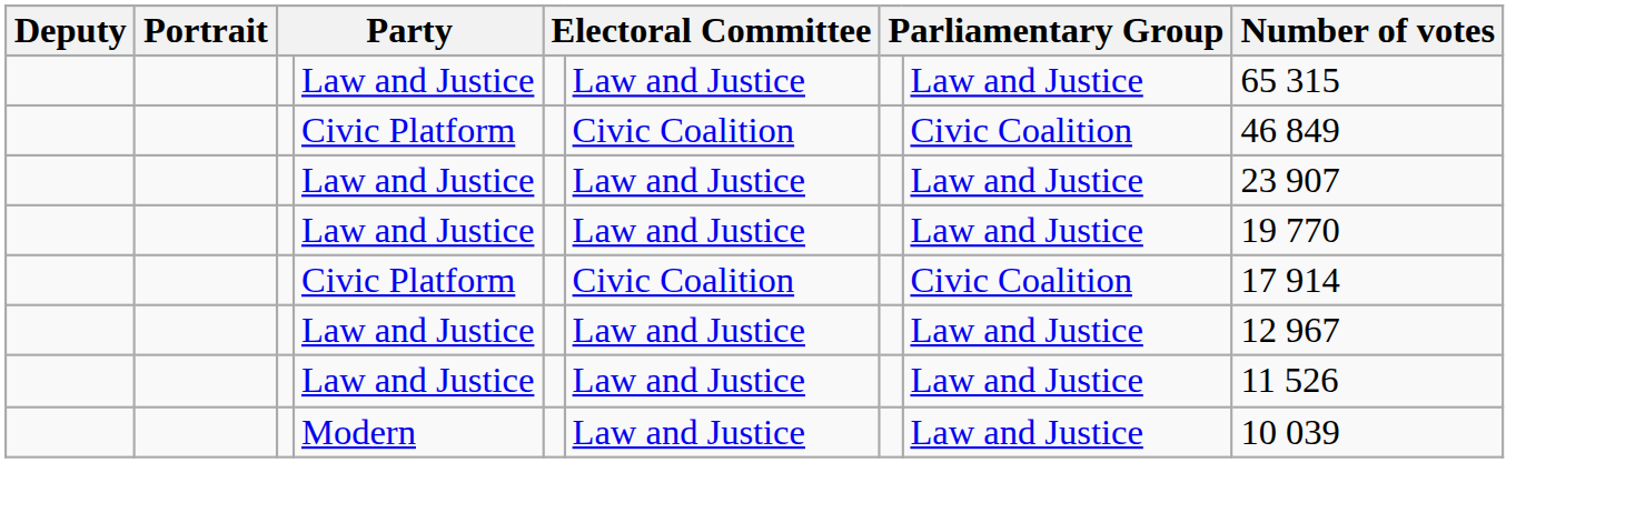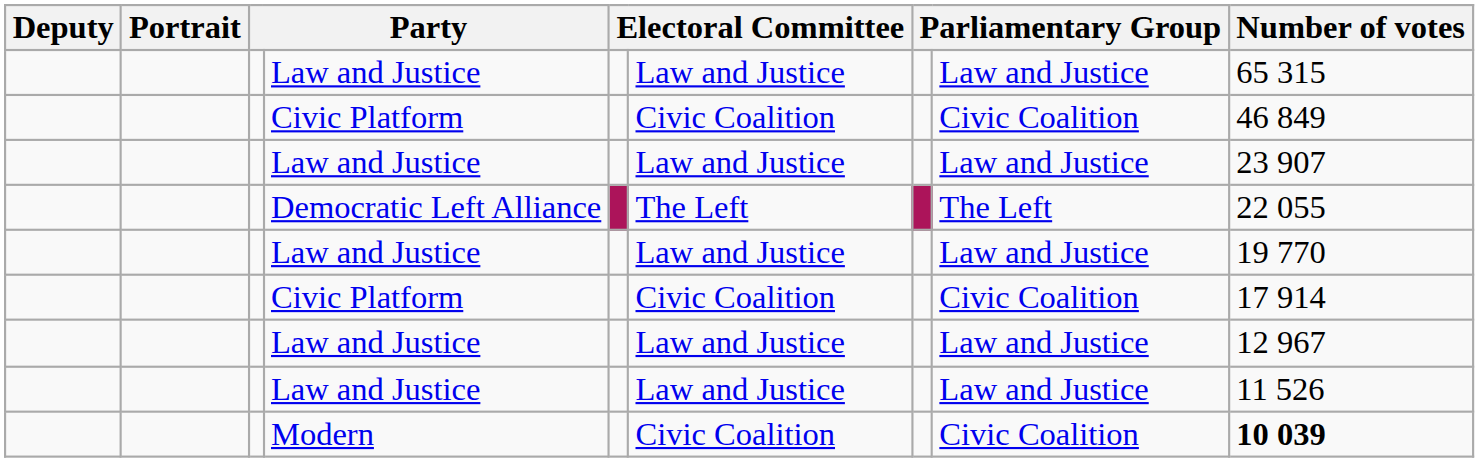 <table class="wikitable sortable" style="font-size:95%;line-height:14px;">
 <tr>
 <th>Deputy</th>
 <th>Portrait</th>
 <th colspan="2">Party</th>
 <th colspan="2">Electoral Committee</th>
 <th colspan="2">Parliamentary Group</th>
 <th>Number of votes</th>
 </tr>
 <tr>
 <td></td>
 <td></td>
 <td style="background:"></td>
 <td><a href='#'>Law and Justice</a></td>
 <td style="background:"></td>
 <td><a href='#'>Law and Justice</a></td>
 <td style="background:"></td>
 <td><a href='#'>Law and Justice</a></td>
 <td>65 315</td>
 </tr>
 <tr>
 <td></td>
 <td></td>
 <td style="background:"></td>
 <td><a href='#'>Civic Platform</a></td>
 <td style="background:"></td>
 <td><a href='#'>Civic Coalition</a></td>
 <td style="background:"></td>
 <td><a href='#'>Civic Coalition</a></td>
 <td>46 849</td>
 </tr>
 <tr>
 <td></td>
 <td></td>
 <td style="background:"></td>
 <td><a href='#'>Law and Justice</a></td>
 <td style="background:"></td>
 <td><a href='#'>Law and Justice</a></td>
 <td style="background:"></td>
 <td><a href='#'>Law and Justice</a></td>
 <td>23 907</td>
+</tr>
+<tr>
+<td></td>
+<td></td>
+<td style="background:"></td>
+<td><a href='#'>Democratic Left Alliance</a></td>
+<td style="background:#AC145A;"></td>
+<td><a href='#'>The Left</a></td>
+<td style="background:#AC145A;"></td>
+<td><a href='#'>The Left</a></td>
+<td>22 055</td>
 </tr>
 <tr>
 <td></td>
 <td></td>
 <td style="background:"></td>
 <td><a href='#'>Law and Justice</a></td>
 <td style="background:"></td>
 <td><a href='#'>Law and Justice</a></td>
 <td style="background:"></td>
 <td><a href='#'>Law and Justice</a></td>
 <td>19 770</td>
 </tr>
 <tr>
 <td></td>
 <td></td>
 <td style="background:"></td>
 <td><a href='#'>Civic Platform</a></td>
 <td style="background:"></td>
 <td><a href='#'>Civic Coalition</a></td>
 <td style="background:"></td>
 <td><a href='#'>Civic Coalition</a></td>
 <td>17 914</td>
 </tr>
 <tr>
 <td></td>
 <td></td>
 <td style="background:"></td>
 <td><a href='#'>Law and Justice</a></td>
 <td style="background:"></td>
 <td><a href='#'>Law and Justice</a></td>
 <td style="background:"></td>
 <td><a href='#'>Law and Justice</a></td>
 <td>12 967</td>
 </tr>
 <tr>
 <td></td>
 <td></td>
 <td style="background:"></td>
 <td><a href='#'>Law and Justice</a></td>
 <td style="background:"></td>
 <td><a href='#'>Law and Justice</a></td>
 <td style="background:"></td>
 <td><a href='#'>Law and Justice</a></td>
 <td>11 526</td>
 </tr>
 <tr>
 <td></td>
 <td></td>
 <td style="background:"></td>
 <td><a href='#'>Modern</a></td>
 <td style="background:"></td>
-<td><a href='#'>Law and Justice</a></td>
+<td><a href='#'>Civic Coalition</a></td>
 <td style="background:"></td>
-<td><a href='#'>Law and Justice</a></td>
-<td>10 039</td>
+<td><a href='#'>Civic Coalition</a></td>
+<td><strong>10 039</strong></td>
 </tr>
 </table>
